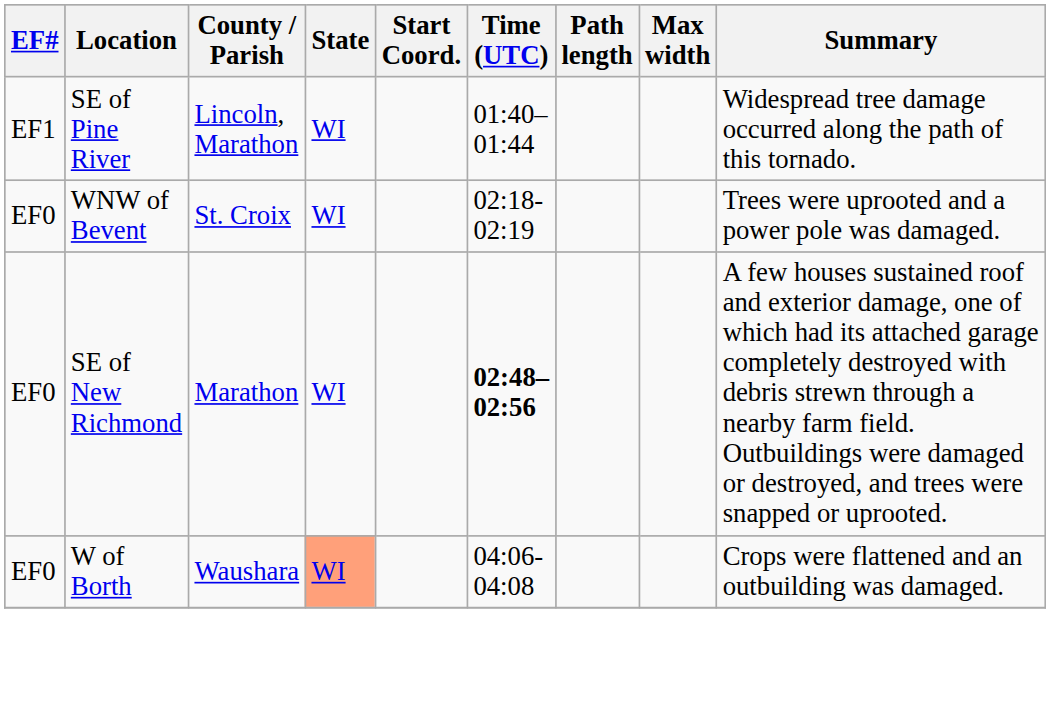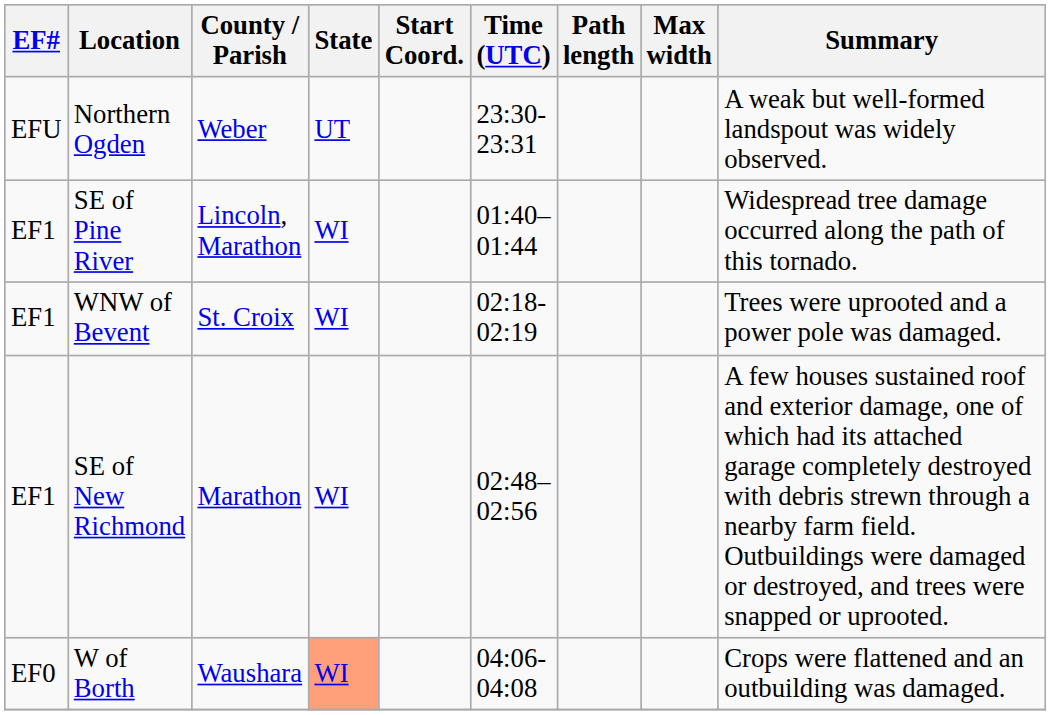 <table class="wikitable sortable" style="width:100%;">
 <tr>
 <th scope="col"  style="width:3%; text-align:center;"><a href='#'>EF#</a></th>
 <th scope="col"  style="width:7%; text-align:center;" class="unsortable">Location</th>
 <th scope="col"  style="width:6%; text-align:center;" class="unsortable">County / Parish</th>
 <th scope="col"  style="width:5%; text-align:center;">State</th>
 <th scope="col"  style="width:6%; text-align:center;">Start Coord.</th>
 <th scope="col"  style="width:6%; text-align:center;">Time (<a href='#'>UTC</a>)</th>
 <th scope="col"  style="width:6%; text-align:center;">Path length</th>
 <th scope="col"  style="width:6%; text-align:center;">Max width</th>
 <th scope="col" class="unsortable" style="width:48%; text-align:center;">Summary</th>
 </tr>
 <tr>
+<td>EFU</td>
+<td>Northern <a href='#'>Ogden</a></td>
+<td><a href='#'>Weber</a></td>
+<td><a href='#'>UT</a></td>
+<td></td>
+<td>23:30-23:31</td>
+<td></td>
+<td></td>
+<td>A weak but well-formed landspout was widely observed.</td>
+</tr>
+<tr>
 <td>EF1</td>
 <td>SE of <a href='#'>Pine River</a></td>
 <td><a href='#'>Lincoln</a>, <a href='#'>Marathon</a></td>
 <td><a href='#'>WI</a></td>
 <td></td>
 <td>01:40–01:44</td>
 <td></td>
 <td></td>
 <td>Widespread tree damage occurred along the path of this tornado.</td>
 </tr>
 <tr>
-<td>EF0</td>
+<td>EF1</td>
 <td>WNW of <a href='#'>Bevent</a></td>
 <td><a href='#'>St. Croix</a></td>
 <td><a href='#'>WI</a></td>
 <td></td>
 <td>02:18-02:19</td>
 <td></td>
 <td></td>
 <td>Trees were uprooted and a power pole was damaged.</td>
 </tr>
 <tr>
-<td>EF0</td>
+<td>EF1</td>
 <td>SE of <a href='#'>New Richmond</a></td>
 <td><a href='#'>Marathon</a></td>
 <td><a href='#'>WI</a></td>
 <td></td>
-<td><strong>02:48–02:56</strong></td>
+<td>02:48–02:56</td>
 <td></td>
 <td></td>
 <td>A few houses sustained roof and exterior damage, one of which had its attached garage completely destroyed with debris strewn through a nearby farm field. Outbuildings were damaged or destroyed, and trees were snapped or uprooted.</td>
 </tr>
 <tr>
 <td>EF0</td>
 <td>W of <a href='#'>Borth</a></td>
 <td><a href='#'>Waushara</a></td>
 <td style="background: lightsalmon;"><a href='#'>WI</a></td>
 <td></td>
 <td>04:06-04:08</td>
 <td></td>
 <td></td>
 <td>Crops were flattened and an outbuilding was damaged.</td>
 </tr>
 <tr>
 </tr>
 </table>
